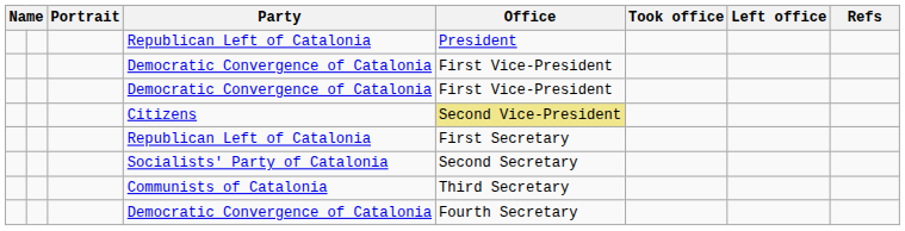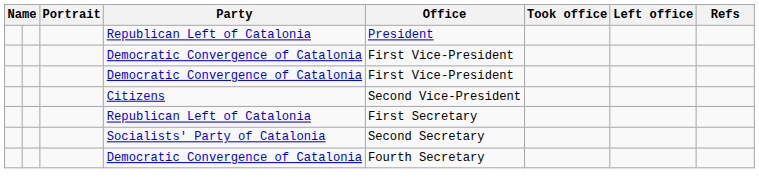 <table class="wikitable plainrowheaders sortable mw-collapsible mw-collapsed" style="font-size:90%; text-align:left;">
 <tr>
 <th scope=col colspan="2">Name</th>
 <th scope=col class=unsortable>Portrait</th>
 <th scope=col>Party</th>
 <th scope=col>Office</th>
 <th scope=col>Took office</th>
 <th scope=col>Left office</th>
 <th scope=col width=50px class=unsortable>Refs</th>
 </tr>
 <tr>
 <td !align="center" style="background:"></td>
 <td></td>
 <td align=center></td>
 <td><a href='#'>Republican Left of Catalonia</a></td>
 <td><a href='#'>President</a></td>
 <td align=center></td>
 <td align=center></td>
 <td align=center></td>
 </tr>
 <tr>
 <td !align="center" style="background:"></td>
 <td></td>
 <td align=center></td>
 <td><a href='#'>Democratic Convergence of Catalonia</a></td>
 <td>First Vice-President</td>
 <td align=center></td>
 <td align=center></td>
 <td align=center></td>
 </tr>
 <tr>
 <td !align="center" style="background:"></td>
 <td></td>
 <td align=center></td>
 <td><a href='#'>Democratic Convergence of Catalonia</a></td>
 <td>First Vice-President</td>
 <td align=center></td>
 <td align=center></td>
 <td align=center></td>
 </tr>
 <tr>
 <td !align="center" style="background:"></td>
 <td></td>
 <td align=center></td>
 <td><a href='#'>Citizens</a></td>
-<td style="background: khaki;">Second Vice-President</td>
+<td>Second Vice-President</td>
 <td align=center></td>
 <td align=center></td>
 <td align=center></td>
 </tr>
 <tr>
 <td !align="center" style="background:"></td>
 <td></td>
 <td align=center></td>
 <td><a href='#'>Republican Left of Catalonia</a></td>
 <td>First Secretary</td>
 <td align=center></td>
 <td align=center></td>
 <td align=center></td>
 </tr>
 <tr>
 <td !align="center" style="background:"></td>
 <td></td>
 <td align=center></td>
 <td><a href='#'>Socialists' Party of Catalonia</a></td>
 <td>Second Secretary</td>
 <td align=center></td>
 <td align=center></td>
 <td align=center></td>
 </tr>
 <tr>
 <td !align="center" style="background:"></td>
 <td></td>
 <td align=center></td>
-<td><a href='#'>Communists of Catalonia</a></td>
-<td>Third Secretary</td>
-<td align=center></td>
-<td align=center></td>
-<td align=center></td>
-</tr>
-<tr>
-<td !align="center" style="background:"></td>
-<td></td>
-<td align=center></td>
 <td><a href='#'>Democratic Convergence of Catalonia</a></td>
 <td>Fourth Secretary</td>
 <td align=center></td>
 <td align=center></td>
 <td align=center></td>
 </tr>
 </table>
